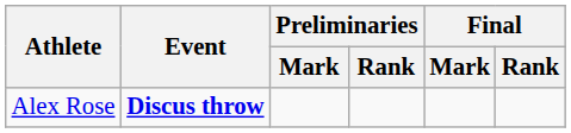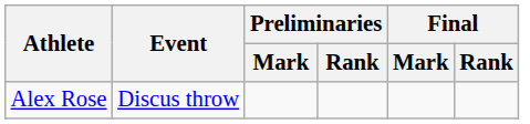 <table class=wikitable style="font-size:90%;">
 <tr>
 <th rowspan=2>Athlete</th>
 <th rowspan=2>Event</th>
 <th colspan=2>Preliminaries</th>
 <th colspan=2>Final</th>
 </tr>
 <tr>
 <th>Mark</th>
 <th>Rank</th>
 <th>Mark</th>
 <th>Rank</th>
 </tr>
 <tr>
 <td><a href='#'>Alex Rose</a></td>
-<td><strong><a href='#'>Discus throw</a></strong></td>
+<td><a href='#'>Discus throw</a></td>
 <td align="center"></td>
 <td align="center"></td>
 <td align="center"></td>
 <td align="center"></td>
 </tr>
 </table>
